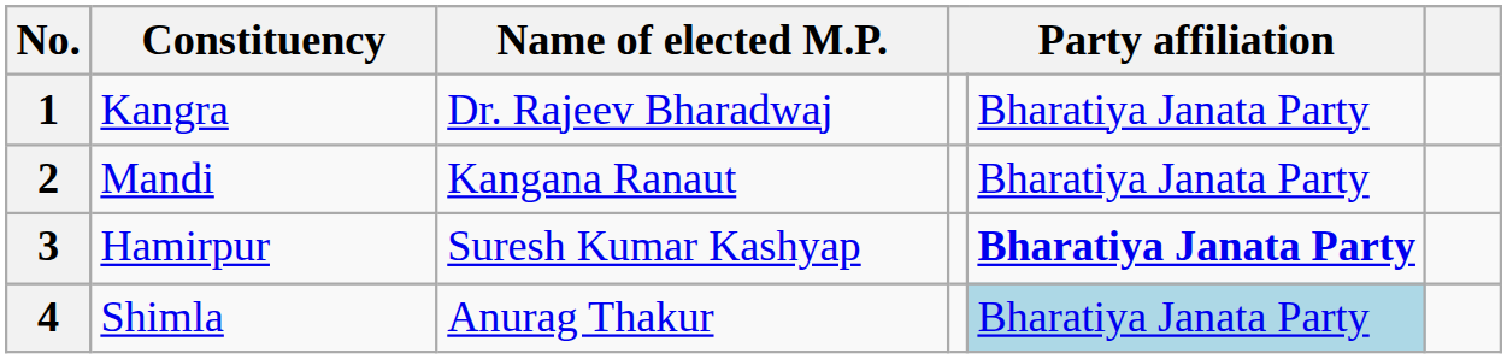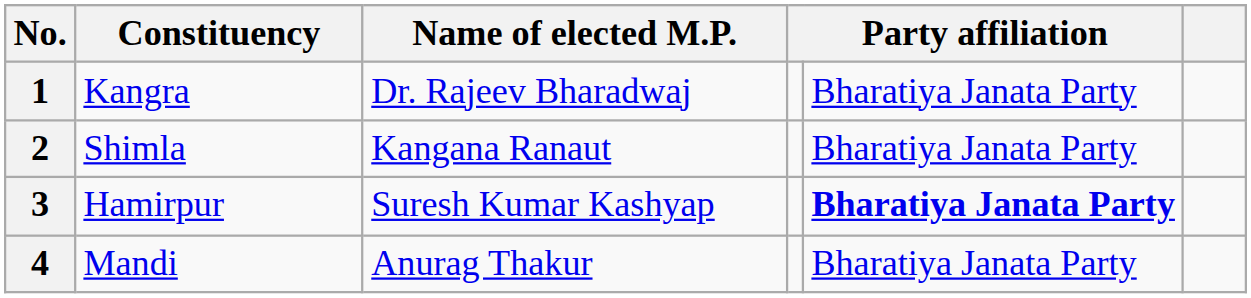 <table class="wikitable">
 <tr style="background:#ccc; text-align:center;">
 <th>No.</th>
 <th style="width:120px">Constituency</th>
 <th style="width:180px">Name of elected M.P.</th>
 <th colspan="2">Party affiliation</th>
 <th width=5%></th>
 </tr>
 <tr>
 <th>1</th>
 <td><a href='#'>Kangra</a></td>
 <td><a href='#'>Dr. Rajeev Bharadwaj</a></td>
 <td style="background-color: "></td>
 <td><a href='#'>Bharatiya Janata Party</a></td>
 <td></td>
 </tr>
 <tr>
 <th>2</th>
-<td><a href='#'>Mandi</a></td>
+<td><a href='#'>Shimla</a></td>
 <td><a href='#'>Kangana Ranaut</a></td>
 <td style="background-color: "></td>
 <td><a href='#'>Bharatiya Janata Party</a></td>
 <td></td>
 </tr>
 <tr>
 <th>3</th>
 <td><a href='#'>Hamirpur</a></td>
 <td><a href='#'>Suresh Kumar Kashyap</a></td>
 <td style="background-color: "></td>
 <td><strong><a href='#'>Bharatiya Janata Party</a></strong></td>
 <td></td>
 </tr>
 <tr>
 <th>4</th>
-<td><a href='#'>Shimla</a></td>
+<td><a href='#'>Mandi</a></td>
 <td><a href='#'>Anurag Thakur</a></td>
 <td style="background-color: "></td>
-<td style="background: lightblue;"><a href='#'>Bharatiya Janata Party</a></td>
+<td><a href='#'>Bharatiya Janata Party</a></td>
 <td></td>
 </tr>
 </table>
